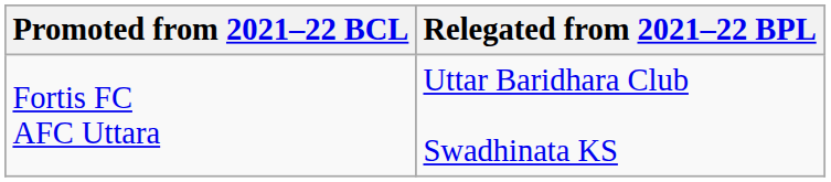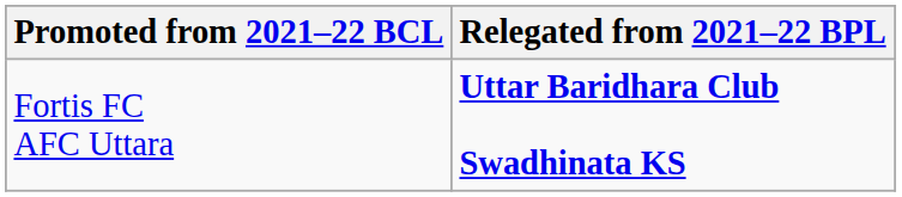 <table class="wikitable">
 <tr>
 <th>Promoted from <a href='#'>2021–22 BCL</a></th>
 <th>Relegated from <a href='#'>2021–22 BPL</a></th>
 </tr>
 <tr>
 <td><a href='#'>Fortis FC</a> <br> <a href='#'>AFC Uttara</a></td>
-<td><a href='#'>Uttar Baridhara Club</a> <br><br><a href='#'>Swadhinata KS</a></td>
+<td><strong><a href='#'>Uttar Baridhara Club</a> <br><br><a href='#'>Swadhinata KS</a></strong></td>
 </tr>
 </table>
